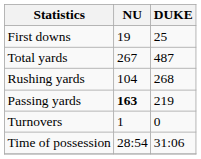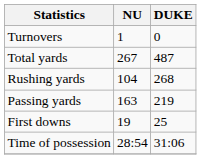 <table class="wikitable">
 <tr>
 <th>Statistics</th>
 <th>NU</th>
 <th>DUKE</th>
 </tr>
 <tr>
-<td>First downs</td>
-<td>19</td>
-<td>25</td>
+<td>Turnovers</td>
+<td>1</td>
+<td>0</td>
 </tr>
 <tr>
 <td>Total yards</td>
 <td>267</td>
 <td>487</td>
 </tr>
 <tr>
 <td>Rushing yards</td>
 <td>104</td>
 <td>268</td>
 </tr>
 <tr>
 <td>Passing yards</td>
-<td><strong>163</strong></td>
+<td>163</td>
 <td>219</td>
 </tr>
 <tr>
-<td>Turnovers</td>
-<td>1</td>
-<td>0</td>
+<td>First downs</td>
+<td>19</td>
+<td>25</td>
 </tr>
 <tr>
 <td>Time of possession</td>
 <td>28:54</td>
 <td>31:06</td>
 </tr>
 <tr>
 </tr>
 </table>
